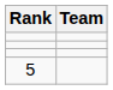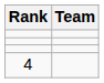 <table class=wikitable style="text-align:center;">
 <tr>
 <th>Rank</th>
 <th>Team</th>
 </tr>
 <tr>
 <td></td>
 <td align=left></td>
 </tr>
 <tr>
 <td></td>
 <td align=left></td>
 </tr>
 <tr>
 <td></td>
 <td align=left></td>
 </tr>
 <tr>
-<td>5</td>
+<td>4</td>
 <td align=left></td>
 </tr>
 </table>
